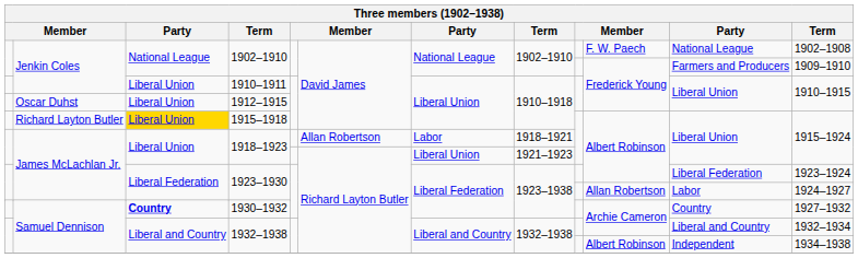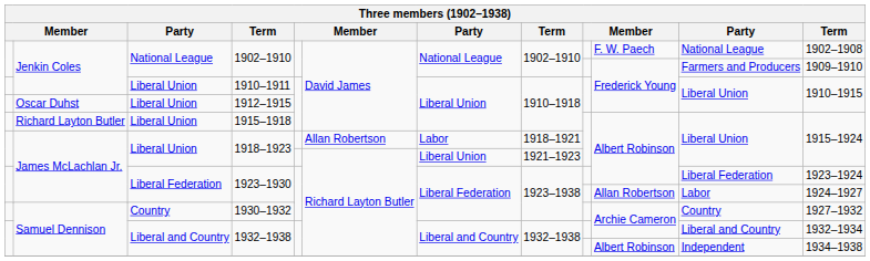 <table class="wikitable">
 <tr>
 <th colspan=12>Three members (1902–1938)</th>
 </tr>
 <tr>
 <th colspan=2>Member</th>
 <th>Party</th>
 <th>Term</th>
 <th colspan=2>Member</th>
 <th>Party</th>
 <th>Term</th>
 <th colspan=2>Member</th>
 <th>Party</th>
 <th>Term</th>
 </tr>
 <tr>
 <td rowspan=2 > </td>
 <td rowspan=3><a href='#'>Jenkin Coles</a></td>
 <td rowspan=2><a href='#'>National League</a></td>
 <td rowspan=2>1902–1910</td>
 <td rowspan=2 > </td>
 <td rowspan=5><a href='#'>David James</a></td>
 <td rowspan=2><a href='#'>National League</a></td>
 <td rowspan=2>1902–1910</td>
 <td> </td>
 <td><a href='#'>F. W. Paech</a></td>
 <td><a href='#'>National League</a></td>
 <td>1902–1908</td>
 </tr>
 <tr>
 <td> </td>
 <td rowspan=3><a href='#'>Frederick Young</a></td>
 <td><a href='#'>Farmers and Producers</a></td>
 <td>1909–1910</td>
 </tr>
 <tr>
 <td> </td>
 <td><a href='#'>Liberal Union</a></td>
 <td>1910–1911</td>
 <td rowspan=3 > </td>
 <td rowspan=3><a href='#'>Liberal Union</a></td>
 <td rowspan=3>1910–1918</td>
 <td rowspan=2 > </td>
 <td rowspan=2><a href='#'>Liberal Union</a></td>
 <td rowspan=2>1910–1915</td>
 </tr>
 <tr>
 <td> </td>
 <td><a href='#'>Oscar Duhst</a></td>
 <td><a href='#'>Liberal Union</a></td>
 <td>1912–1915</td>
 </tr>
 <tr>
 <td> </td>
 <td><a href='#'>Richard Layton Butler</a></td>
-<td style="background: gold;"><a href='#'>Liberal Union</a></td>
+<td><a href='#'>Liberal Union</a></td>
 <td>1915–1918</td>
 <td rowspan=3 > </td>
 <td rowspan=4><a href='#'>Albert Robinson</a></td>
 <td rowspan=3><a href='#'>Liberal Union</a></td>
 <td rowspan=3>1915–1924</td>
 </tr>
 <tr>
 <td rowspan=2 > </td>
 <td rowspan=5><a href='#'>James McLachlan Jr.</a></td>
 <td rowspan=2><a href='#'>Liberal Union</a></td>
 <td rowspan=2>1918–1923</td>
 <td> </td>
 <td><a href='#'>Allan Robertson</a></td>
 <td><a href='#'>Labor</a></td>
 <td>1918–1921</td>
 </tr>
 <tr>
 <td> </td>
 <td rowspan=7><a href='#'>Richard Layton Butler</a></td>
 <td><a href='#'>Liberal Union</a></td>
 <td>1921–1923</td>
 </tr>
 <tr>
 <td rowspan=3 > </td>
 <td rowspan=3><a href='#'>Liberal Federation</a></td>
 <td rowspan=3>1923–1930</td>
 <td rowspan=4 > </td>
 <td rowspan=4><a href='#'>Liberal Federation</a></td>
 <td rowspan=4>1923–1938</td>
 <td> </td>
 <td><a href='#'>Liberal Federation</a></td>
 <td>1923–1924</td>
 </tr>
 <tr>
 <td> </td>
 <td><a href='#'>Allan Robertson</a></td>
 <td><a href='#'>Labor</a></td>
 <td>1924–1927</td>
 </tr>
 <tr>
 <td rowspan=2 > </td>
 <td rowspan=3><a href='#'>Archie Cameron</a></td>
 <td rowspan=2><a href='#'>Country</a></td>
 <td rowspan=2>1927–1932</td>
 </tr>
 <tr>
 <td> </td>
 <td rowspan=3><a href='#'>Samuel Dennison</a></td>
-<td><strong><a href='#'>Country</a></strong></td>
+<td><a href='#'>Country</a></td>
 <td>1930–1932</td>
 </tr>
 <tr>
 <td rowspan=2 > </td>
 <td rowspan=2><a href='#'>Liberal and Country</a></td>
 <td rowspan=2>1932–1938</td>
 <td rowspan=2 > </td>
 <td rowspan=2><a href='#'>Liberal and Country</a></td>
 <td rowspan=2>1932–1938</td>
 <td> </td>
 <td><a href='#'>Liberal and Country</a></td>
 <td>1932–1934</td>
 </tr>
 <tr>
 <td> </td>
 <td><a href='#'>Albert Robinson</a></td>
 <td><a href='#'>Independent</a></td>
 <td>1934–1938</td>
 </tr>
 <tr>
 </tr>
 </table>
